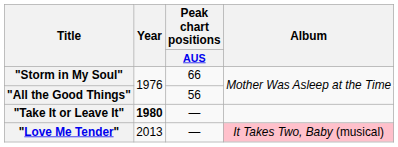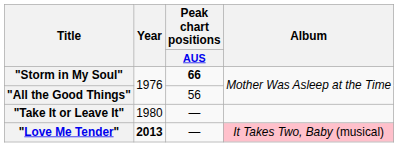 <table class="wikitable plainrowheaders" style="text-align:center">
 <tr>
 <th scope="col" rowspan="2">Title</th>
 <th scope="col" rowspan="2">Year</th>
 <th scope="col" colspan="1">Peak chart positions</th>
 <th scope="col" rowspan="2">Album</th>
 </tr>
 <tr>
 <th scope="col" style="width:3em; font-size:90%"><a href='#'>AUS</a><br></th>
 </tr>
 <tr>
 <th scope="row">"Storm in My Soul" </th>
 <td rowspan="2">1976</td>
-<td>66</td>
+<td><strong>66</strong></td>
 <td rowspan="2"><em>Mother Was Asleep at the Time</em></td>
 </tr>
 <tr>
 <th scope="row">"All the Good Things"</th>
 <td>56</td>
 </tr>
 <tr>
 <th scope="row">"Take It or Leave It" </th>
-<td><strong>1980</strong></td>
+<td>1980</td>
 <td>—</td>
 <td></td>
 </tr>
 <tr>
 <th scope="row">"<a href='#'>Love Me Tender</a>" </th>
-<td>2013</td>
+<td><strong>2013</strong></td>
 <td>—</td>
 <td style="background: pink;"><em>It Takes Two, Baby</em> (musical)</td>
 </tr>
 </table>
